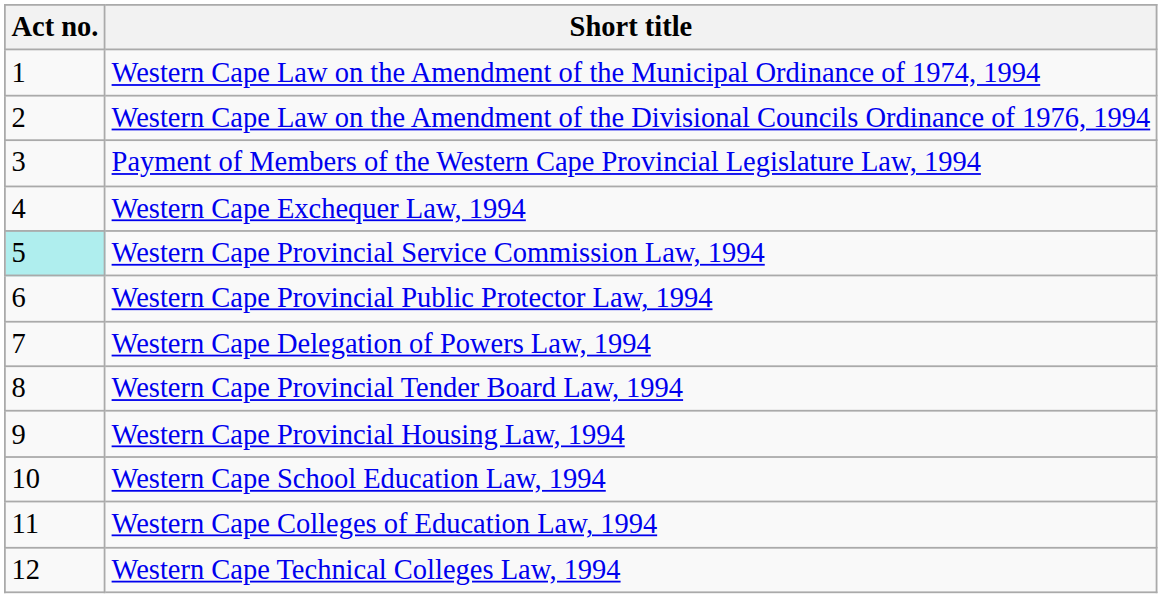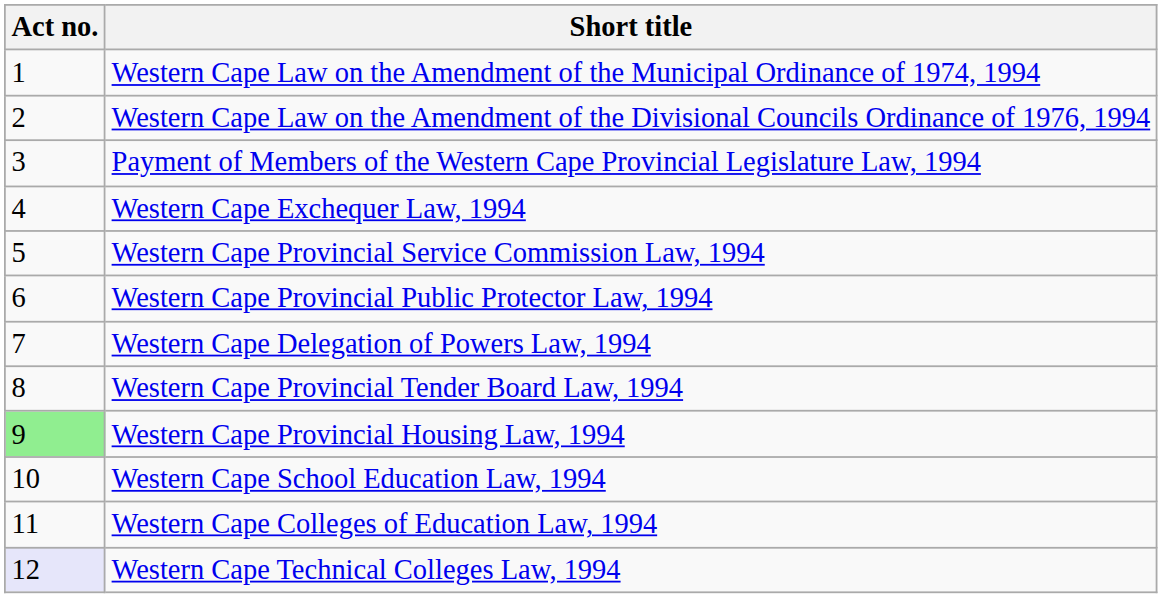 <table class="wikitable">
 <tr>
 <th>Act no.</th>
 <th>Short title</th>
 </tr>
 <tr>
 <td>1</td>
 <td><a href='#'>Western Cape Law on the Amendment of the Municipal Ordinance of 1974, 1994</a></td>
 </tr>
 <tr>
 <td>2</td>
 <td><a href='#'>Western Cape Law on the Amendment of the Divisional Councils Ordinance of 1976, 1994</a></td>
 </tr>
 <tr>
 <td>3</td>
 <td><a href='#'>Payment of Members of the Western Cape Provincial Legislature Law, 1994</a></td>
 </tr>
 <tr>
 <td>4</td>
 <td><a href='#'>Western Cape Exchequer Law, 1994</a></td>
 </tr>
 <tr>
-<td style="background: paleturquoise;">5</td>
+<td>5</td>
 <td><a href='#'>Western Cape Provincial Service Commission Law, 1994</a></td>
 </tr>
 <tr>
 <td>6</td>
 <td><a href='#'>Western Cape Provincial Public Protector Law, 1994</a></td>
 </tr>
 <tr>
 <td>7</td>
 <td><a href='#'>Western Cape Delegation of Powers Law, 1994</a></td>
 </tr>
 <tr>
 <td>8</td>
 <td><a href='#'>Western Cape Provincial Tender Board Law, 1994</a></td>
 </tr>
 <tr>
-<td>9</td>
+<td style="background: lightgreen;">9</td>
 <td><a href='#'>Western Cape Provincial Housing Law, 1994</a></td>
 </tr>
 <tr>
 <td>10</td>
 <td><a href='#'>Western Cape School Education Law, 1994</a></td>
 </tr>
 <tr>
 <td>11</td>
 <td><a href='#'>Western Cape Colleges of Education Law, 1994</a></td>
 </tr>
 <tr>
-<td>12</td>
+<td style="background: lavender;">12</td>
 <td><a href='#'>Western Cape Technical Colleges Law, 1994</a></td>
 </tr>
 </table>
